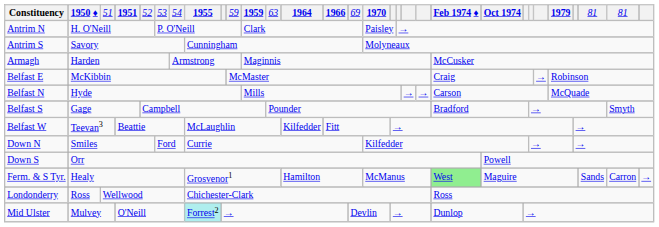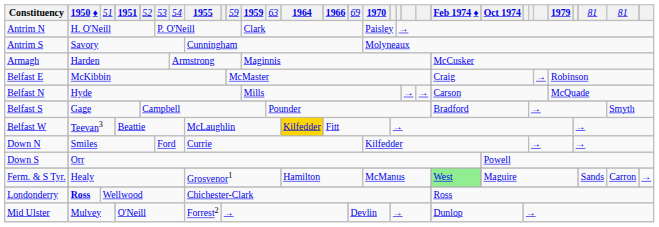 <table class="wikitable" style="border-collapse: separate; border-spacing: 0;">
 <tr>
 <th>Constituency</th>
 <th><a href='#'>1950</a> <a href='#'>♦</a></th>
 <th style="font-weight: normal;"><em><a href='#'>51</a></em></th>
 <th><a href='#'>1951</a></th>
 <th style="font-weight: normal;"><em><a href='#'>52</a></em></th>
 <th style="font-weight: normal;"><em><a href='#'>53</a></em></th>
 <th style="font-weight: normal;"><em><a href='#'>54</a></em></th>
 <th><a href='#'>1955</a></th>
 <th style="font-weight: normal;"><em></em></th>
 <th style="font-weight: normal;"><em><a href='#'>59</a></em></th>
 <th><a href='#'>1959</a></th>
 <th style="font-weight: normal;"><em><a href='#'>63</a></em></th>
 <th><a href='#'>1964</a></th>
 <th><a href='#'>1966</a></th>
 <th style="font-weight: normal;"><em><a href='#'>69</a></em></th>
 <th><a href='#'>1970</a></th>
 <th style="font-weight: normal;"><em></em></th>
 <th style="font-weight: normal;"><em></em></th>
 <th style="font-weight: normal;"><em></em></th>
 <th style="font-weight: normal;"><em></em></th>
 <th><a href='#'>Feb 1974</a> <a href='#'>♦</a></th>
 <th><a href='#'>Oct 1974</a></th>
 <th style="font-weight: normal;"><em></em></th>
 <th style="font-weight: normal;"><em></em></th>
 <th style="font-weight: normal;"><em></em></th>
 <th><a href='#'>1979</a></th>
 <th style="font-weight: normal;"><em></em></th>
 <th style="font-weight: normal;"><em><a href='#'>81</a></em></th>
 <th style="font-weight: normal;"><em><a href='#'>81</a></em></th>
 <th style="font-weight: normal;"><em></em></th>
 </tr>
 <tr>
 <td><a href='#'>Antrim N</a></td>
 <td colspan="4"><a href='#'>H. O'Neill</a></td>
 <td colspan="5"><a href='#'>P. O'Neill</a></td>
 <td colspan="5"><a href='#'>Clark</a></td>
 <td colspan="2"><a href='#'>Paisley</a></td>
 <td colspan="13"><a href='#'>→</a></td>
 </tr>
 <tr>
 <td><a href='#'>Antrim S</a></td>
 <td colspan="6"><a href='#'>Savory</a></td>
 <td colspan="8"><a href='#'>Cunningham</a></td>
 <td colspan="15"><a href='#'>Molyneaux</a></td>
 </tr>
 <tr>
 <td><a href='#'>Armagh</a></td>
 <td colspan="5"><a href='#'>Harden</a></td>
 <td colspan="4"><a href='#'>Armstrong</a></td>
 <td colspan="10"><a href='#'>Maginnis</a></td>
 <td colspan="10"><a href='#'>McCusker</a></td>
 </tr>
 <tr>
 <td><a href='#'>Belfast E</a></td>
 <td colspan="8"><a href='#'>McKibbin</a></td>
 <td colspan="11"><a href='#'>McMaster</a></td>
 <td colspan="4"><a href='#'>Craig</a></td>
 <td><a href='#'>→</a></td>
 <td colspan="5"><a href='#'>Robinson</a></td>
 </tr>
 <tr>
 <td><a href='#'>Belfast N</a></td>
 <td colspan="9"><a href='#'>Hyde</a></td>
 <td colspan="8"><a href='#'>Mills</a></td>
 <td><a href='#'>→</a></td>
 <td><a href='#'>→</a></td>
 <td colspan="5"><a href='#'>Carson</a></td>
 <td colspan="5"><a href='#'>McQuade</a></td>
 </tr>
 <tr>
 <td><a href='#'>Belfast S</a></td>
 <td colspan="3"><a href='#'>Gage</a></td>
 <td colspan="7"><a href='#'>Campbell</a></td>
 <td colspan="9"><a href='#'>Pounder</a></td>
 <td colspan="3"><a href='#'>Bradford</a></td>
 <td colspan="5"><a href='#'>→</a></td>
 <td colspan="2"><a href='#'>Smyth</a></td>
 </tr>
 <tr>
 <td><a href='#'>Belfast W</a></td>
 <td colspan="2"><a href='#'>Teevan</a><sup>3</sup></td>
 <td colspan="4"><a href='#'>Beattie</a></td>
 <td colspan="5"><a href='#'>McLaughlin</a></td>
-<td><a href='#'>Kilfedder</a></td>
+<td style="background: gold;"><a href='#'>Kilfedder</a></td>
 <td colspan="3"><a href='#'>Fitt</a></td>
 <td colspan="10"><a href='#'>→</a></td>
 <td colspan="4"><a href='#'>→</a></td>
 </tr>
 <tr>
 <td><a href='#'>Down N</a></td>
 <td colspan="4"><a href='#'>Smiles</a></td>
 <td colspan="2"><a href='#'>Ford</a></td>
 <td colspan="8"><a href='#'>Currie</a></td>
 <td colspan="8"><a href='#'>Kilfedder</a></td>
 <td colspan="3"><a href='#'>→</a></td>
 <td colspan="4"><a href='#'>→</a></td>
 </tr>
 <tr>
 <td><a href='#'>Down S</a></td>
 <td colspan="20"><a href='#'>Orr</a></td>
 <td colspan="9"><a href='#'>Powell</a></td>
 </tr>
 <tr>
 <td><a href='#'>Ferm. & S Tyr.</a></td>
 <td colspan="6"><a href='#'>Healy</a></td>
 <td colspan="5"><a href='#'>Grosvenor</a><sup>1</sup></td>
 <td colspan="3"><a href='#'>Hamilton</a></td>
 <td colspan="5"><a href='#'>McManus</a></td>
 <td style="background: lightgreen;"><a href='#'>West</a></td>
 <td colspan="6"><a href='#'>Maguire</a></td>
 <td><a href='#'>Sands</a></td>
 <td><a href='#'>Carron</a></td>
 <td><a href='#'>→</a></td>
 </tr>
 <tr>
 <td><a href='#'>Londonderry</a></td>
-<td><a href='#'>Ross</a></td>
+<td><strong><a href='#'>Ross</a></strong></td>
 <td colspan="5"><a href='#'>Wellwood</a></td>
 <td colspan="13"><a href='#'>Chichester-Clark</a></td>
 <td colspan="10"><a href='#'>Ross</a></td>
 </tr>
 <tr>
 <td><a href='#'>Mid Ulster</a></td>
 <td colspan="2"><a href='#'>Mulvey</a></td>
 <td colspan="4"><a href='#'>O'Neill</a></td>
-<td style="background: paleturquoise;"><a href='#'>Forrest</a><sup>2</sup></td>
+<td><a href='#'>Forrest</a><sup>2</sup></td>
 <td colspan="6"><a href='#'>→</a></td>
 <td colspan="2"><a href='#'>Devlin</a></td>
 <td colspan="4"><a href='#'>→</a></td>
 <td colspan="2"><a href='#'>Dunlop</a></td>
 <td colspan="8"><a href='#'>→</a></td>
 </tr>
 </table>
